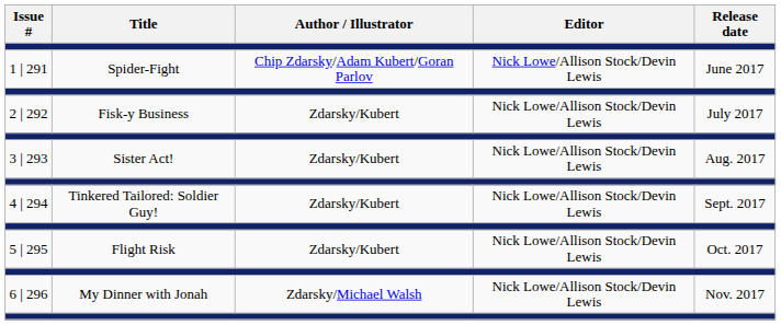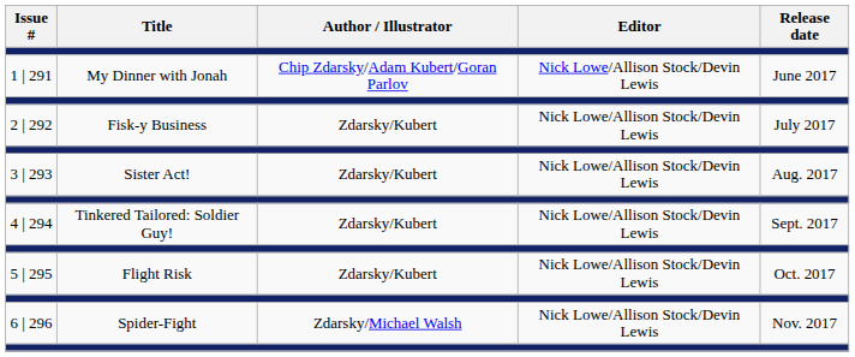 <table class="wikitable">
 <tr>
 <th>Issue #</th>
 <th>Title</th>
 <th>Author / Illustrator</th>
 <th>Editor</th>
 <th>Release date</th>
 </tr>
 <tr>
 <td colspan="6" bgcolor="#112266"></td>
 </tr>
 <tr>
 <td align="center">1  |  291</td>
-<td align="center">Spider-Fight</td>
+<td align="center">My Dinner with Jonah</td>
 <td align="center"><a href='#'>Chip Zdarsky</a>/<a href='#'>Adam Kubert</a>/<a href='#'>Goran Parlov</a></td>
 <td align="center"><a href='#'>Nick Lowe</a>/Allison Stock/Devin Lewis</td>
 <td align="center">June 2017</td>
 </tr>
 <tr>
 <td colspan="6" bgcolor="#112266"></td>
 </tr>
 <tr>
 <td align="center">2  |  292</td>
 <td align="center">Fisk-y Business</td>
 <td align="center">Zdarsky/Kubert</td>
 <td align="center">Nick Lowe/Allison Stock/Devin Lewis</td>
 <td align="center">July 2017</td>
 </tr>
 <tr>
 <td colspan="6" bgcolor="#112266"></td>
 </tr>
 <tr>
 <td align="center">3  |  293</td>
 <td align="center">Sister Act!</td>
 <td align="center">Zdarsky/Kubert</td>
 <td align="center">Nick Lowe/Allison Stock/Devin Lewis</td>
 <td align="center">Aug. 2017</td>
 </tr>
 <tr>
 <td colspan="6" bgcolor="#112266"></td>
 </tr>
 <tr>
 <td align="center">4  |  294</td>
 <td align="center">Tinkered Tailored: Soldier Guy!</td>
 <td align="center">Zdarsky/Kubert</td>
 <td align="center">Nick Lowe/Allison Stock/Devin Lewis</td>
 <td align="center">Sept. 2017</td>
 </tr>
 <tr>
 <td colspan="6" bgcolor="#112266"></td>
 </tr>
 <tr>
 <td align="center">5  |  295</td>
 <td align="center">Flight Risk</td>
 <td align="center">Zdarsky/Kubert</td>
 <td align="center">Nick Lowe/Allison Stock/Devin Lewis</td>
 <td align="center">Oct. 2017</td>
 </tr>
 <tr>
 <td colspan="6" bgcolor="#112266"></td>
 </tr>
 <tr>
 <td align="center">6  |  296</td>
-<td align="center">My Dinner with Jonah</td>
+<td align="center">Spider-Fight</td>
 <td align="center">Zdarsky/<a href='#'>Michael Walsh</a></td>
 <td align="center">Nick Lowe/Allison Stock/Devin Lewis</td>
 <td align="center">Nov. 2017</td>
 </tr>
 <tr>
 <td colspan="6" bgcolor="#112266"></td>
 </tr>
 <tr>
 </tr>
 </table>
